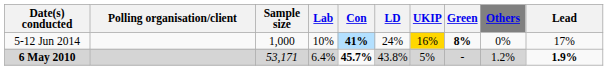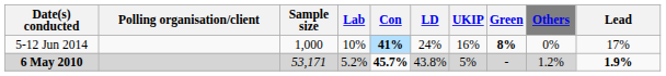 <table class="wikitable sortable" style="text-align:center;font-size:90%;line-height:14px">
 <tr>
 <th ! style="width:100px;">Date(s)<br>conducted</th>
 <th style="width:200px;">Polling organisation/client</th>
 <th class="unsortable" style="width:60px;">Sample size</th>
 <th class="unsortable" style="background:"><a href='#'><span>Lab</span></a></th>
 <th class="unsortable" style="background:"><a href='#'><span>Con</span></a></th>
 <th class="unsortable" style="background:"><a href='#'><span>LD</span></a></th>
 <th class="unsortable" style="background:"><a href='#'><span>UKIP</span></a></th>
 <th class="unsortable" style="background:"><a href='#'><span>Green</span></a></th>
 <th class="unsortable" style="background:gray; width:50px;"><a href='#'><span>Others</span></a></th>
 <th class="unsortable" style="width:90px;">Lead</th>
 </tr>
 <tr>
 <td>5-12 Jun 2014</td>
 <td> </td>
 <td>1,000</td>
 <td>10%</td>
 <td style="background:#B3E0FF"><strong>41%</strong></td>
 <td>24%</td>
-<td style="background: gold;">16%</td>
+<td>16%</td>
 <td><strong>8%</strong></td>
 <td>0%</td>
 <td style="background:">17%</td>
 </tr>
 <tr>
 <td style="background:#D5D5D5"><strong>6 May 2010</strong></td>
 <td style="background:#D5D5D5"></td>
 <td style="background:#D5D5D5"><em>53,171</em></td>
-<td style="background:#D5D5D5">6.4%</td>
+<td style="background:#D5D5D5">5.2%</td>
 <td style="background:"><strong>45.7%</strong></td>
 <td style="background:#D5D5D5">43.8%</td>
 <td style="background:#D5D5D5">5%</td>
 <td style="background:#D5D5D5">-</td>
 <td style="background:#D5D5D5">1.2%</td>
 <td style="background:"><strong>1.9% </strong></td>
 </tr>
 </table>
